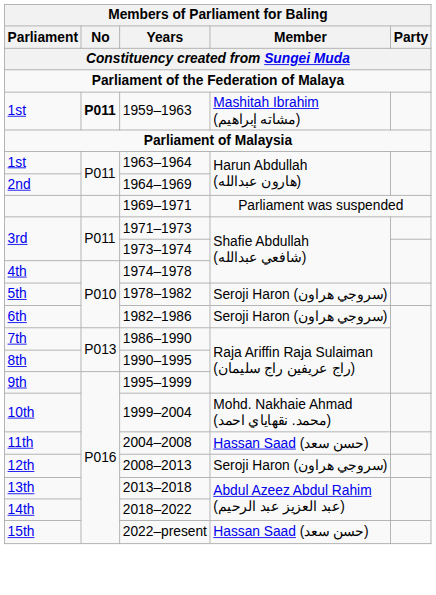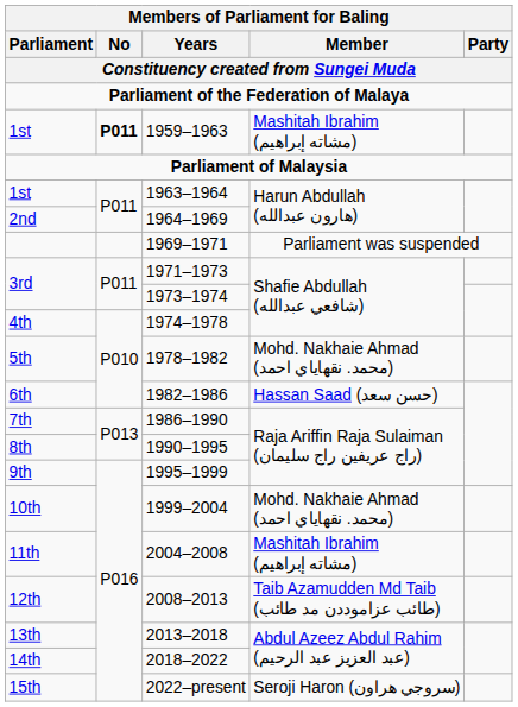 <table class=wikitable>
 <tr>
 <th colspan="5">Members of Parliament for Baling</th>
 </tr>
 <tr>
 <th>Parliament</th>
 <th>No</th>
 <th>Years</th>
 <th>Member</th>
 <th>Party</th>
 </tr>
 <tr>
 <th colspan="5" align="center"><em>Constituency created from <a href='#'>Sungei Muda</a></em></th>
 </tr>
 <tr>
 <td colspan="5" align="center"><strong>Parliament of the Federation of Malaya</strong></td>
 </tr>
 <tr>
 <td><a href='#'>1st</a></td>
 <td><strong>P011</strong></td>
 <td>1959–1963</td>
 <td><a href='#'>Mashitah Ibrahim</a>  <br> (مشاته إبراهيم)</td>
 <td></td>
 </tr>
 <tr>
 <td colspan="5" align="center"><strong>Parliament of Malaysia</strong></td>
 </tr>
 <tr>
 <td><a href='#'>1st</a></td>
 <td rowspan="2">P011</td>
 <td>1963–1964</td>
 <td rowspan=2>Harun Abdullah  <br> (هارون عبدالله)</td>
 <td rowspan=2></td>
 </tr>
 <tr>
 <td><a href='#'>2nd</a></td>
 <td>1964–1969</td>
 </tr>
 <tr>
 <td></td>
 <td></td>
 <td>1969–1971</td>
 <td colspan=2 align=center>Parliament was suspended</td>
 </tr>
 <tr>
 <td rowspan=2><a href='#'>3rd</a></td>
 <td rowspan="2">P011</td>
 <td>1971–1973</td>
 <td rowspan=3>Shafie Abdullah  <br> (شافعي عبدالله)</td>
 <td></td>
 </tr>
 <tr>
 <td>1973–1974</td>
 <td rowspan=2></td>
 </tr>
 <tr>
 <td><a href='#'>4th</a></td>
 <td rowspan="3">P010</td>
 <td>1974–1978</td>
 </tr>
 <tr>
 <td><a href='#'>5th</a></td>
 <td>1978–1982</td>
-<td>Seroji Haron (سروجي هراون)</td>
+<td>Mohd. Nakhaie Ahmad <br>  (محمد. نقهاياي احمد)</td>
 <td></td>
 </tr>
 <tr>
 <td><a href='#'>6th</a></td>
 <td>1982–1986</td>
-<td>Seroji Haron (سروجي هراون)</td>
+<td><a href='#'>Hassan Saad</a> (حسن سعد)</td>
 <td rowspan="4"></td>
 </tr>
 <tr>
 <td><a href='#'>7th</a></td>
 <td rowspan="2">P013</td>
 <td>1986–1990</td>
 <td rowspan=3>Raja Ariffin Raja Sulaiman <br>  (راج عريفين راج سليمان)</td>
 </tr>
 <tr>
 <td><a href='#'>8th</a></td>
 <td>1990–1995</td>
 </tr>
 <tr>
 <td><a href='#'>9th</a></td>
 <td rowspan="7">P016</td>
 <td>1995–1999</td>
 </tr>
 <tr>
 <td><a href='#'>10th</a></td>
 <td>1999–2004</td>
 <td>Mohd. Nakhaie Ahmad <br>  (محمد. نقهاياي احمد)</td>
 <td></td>
 </tr>
 <tr>
 <td><a href='#'>11th</a></td>
 <td>2004–2008</td>
-<td><a href='#'>Hassan Saad</a> (حسن سعد)</td>
+<td><a href='#'>Mashitah Ibrahim</a>  <br> (مشاته إبراهيم)</td>
 <td></td>
 </tr>
 <tr>
 <td><a href='#'>12th</a></td>
 <td>2008–2013</td>
-<td>Seroji Haron (سروجي هراون)</td>
+<td><a href='#'>Taib Azamudden Md Taib</a>  <br> (طائب عزاموددن مد طائب)</td>
 <td></td>
 </tr>
 <tr>
 <td><a href='#'>13th</a></td>
 <td>2013–2018</td>
 <td rowspan="2"><a href='#'>Abdul Azeez Abdul Rahim</a>  <br> (عبد العزيز عبد الرحيم)</td>
 <td rowspan="2"></td>
 </tr>
 <tr>
 <td><a href='#'>14th</a></td>
 <td>2018–2022</td>
 </tr>
 <tr>
 <td><a href='#'>15th</a></td>
 <td>2022–present</td>
-<td><a href='#'>Hassan Saad</a> (حسن سعد)</td>
+<td>Seroji Haron (سروجي هراون)</td>
 <td></td>
 </tr>
 </table>
